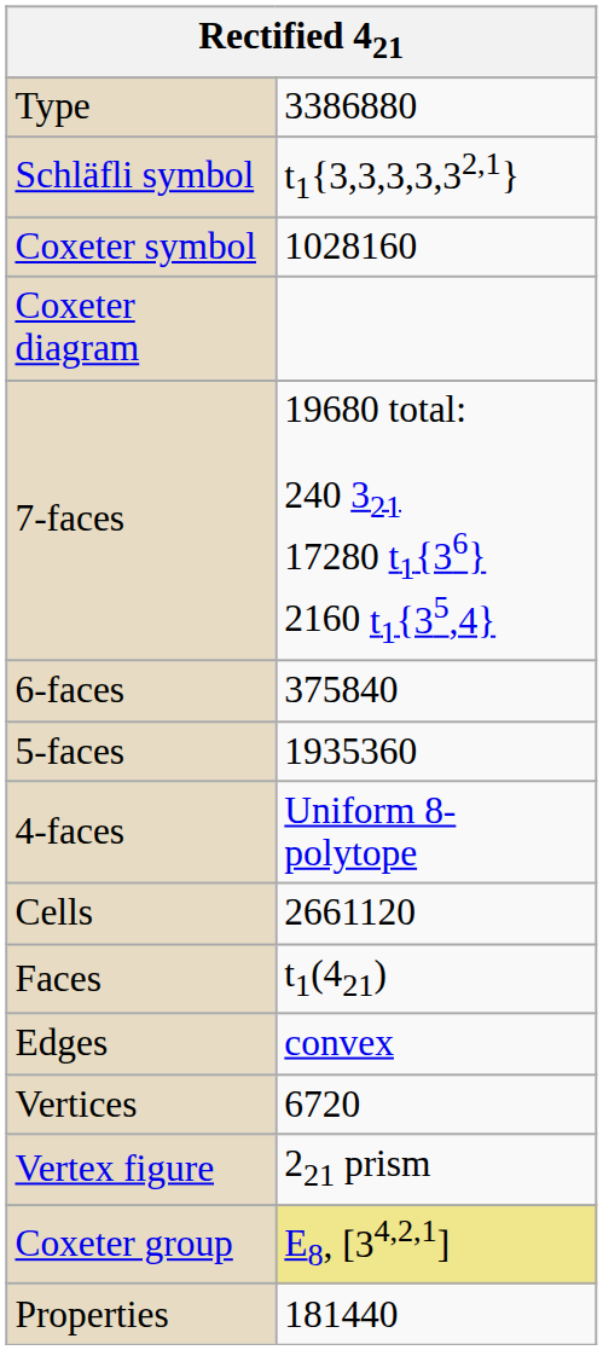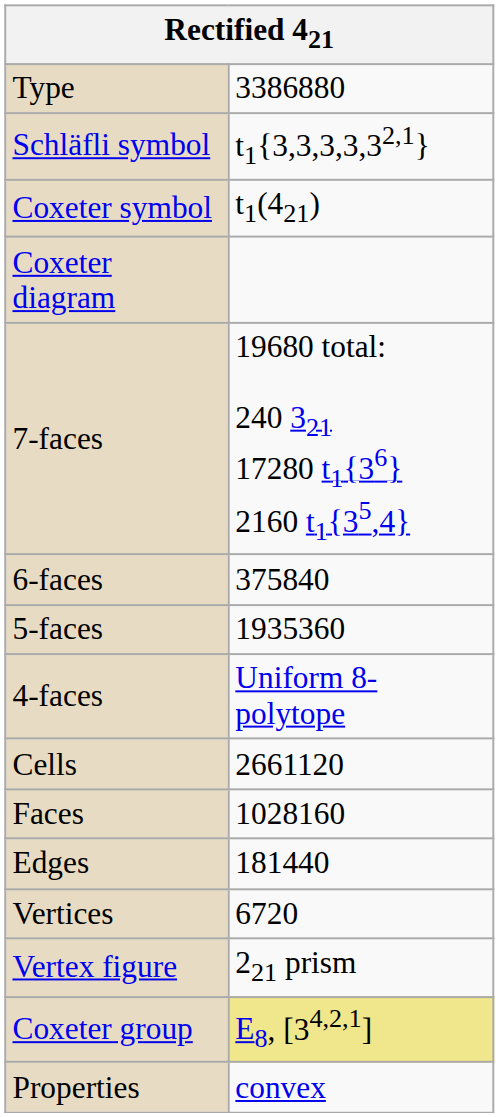 <table class="wikitable" align="right" style="margin-left:10px" width="250">
 <tr>
 <th bgcolor=#e7dcc3 colspan=2>Rectified 4<sub>21</sub></th>
 </tr>
 <tr>
 <td bgcolor=#e7dcc3>Type</td>
 <td>3386880</td>
 </tr>
 <tr>
 <td bgcolor=#e7dcc3><a href='#'>Schläfli symbol</a></td>
 <td>t<sub>1</sub>{3,3,3,3,3<sup>2,1</sup>}</td>
 </tr>
 <tr>
 <td bgcolor=#e7dcc3><a href='#'>Coxeter symbol</a></td>
-<td>1028160</td>
+<td>t<sub>1</sub>(4<sub>21</sub>)</td>
 </tr>
 <tr>
 <td bgcolor=#e7dcc3><a href='#'>Coxeter diagram</a></td>
 <td></td>
 </tr>
 <tr>
 <td bgcolor=#e7dcc3>7-faces</td>
 <td>19680 total:<br><br>240 <a href='#'>3<sub>21</sub></a><br> 17280 <a href='#'>t<sub>1</sub>{3<sup>6</sup>}</a><br> 2160 <a href='#'>t<sub>1</sub>{3<sup>5</sup>,4}</a></td>
 </tr>
 <tr>
 <td bgcolor=#e7dcc3>6-faces</td>
 <td>375840</td>
 </tr>
 <tr>
 <td bgcolor=#e7dcc3>5-faces</td>
 <td>1935360</td>
 </tr>
 <tr>
 <td bgcolor=#e7dcc3>4-faces</td>
 <td><a href='#'>Uniform 8-polytope</a></td>
 </tr>
 <tr>
 <td bgcolor=#e7dcc3>Cells</td>
 <td>2661120</td>
 </tr>
 <tr>
 <td bgcolor=#e7dcc3>Faces</td>
-<td>t<sub>1</sub>(4<sub>21</sub>)</td>
+<td>1028160</td>
 </tr>
 <tr>
 <td bgcolor=#e7dcc3>Edges</td>
-<td><a href='#'>convex</a></td>
+<td>181440</td>
 </tr>
 <tr>
 <td bgcolor=#e7dcc3>Vertices</td>
 <td>6720</td>
 </tr>
 <tr>
 <td bgcolor=#e7dcc3><a href='#'>Vertex figure</a></td>
 <td>2<sub>21</sub> prism</td>
 </tr>
 <tr>
 <td bgcolor=#e7dcc3><a href='#'>Coxeter group</a></td>
 <td style="background: khaki;"><a href='#'>E<sub>8</sub></a>, [3<sup>4,2,1</sup>]</td>
 </tr>
 <tr>
 <td bgcolor=#e7dcc3>Properties</td>
-<td>181440</td>
+<td><a href='#'>convex</a></td>
 </tr>
 </table>
